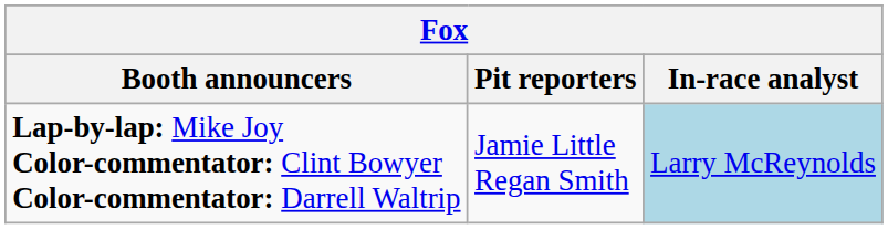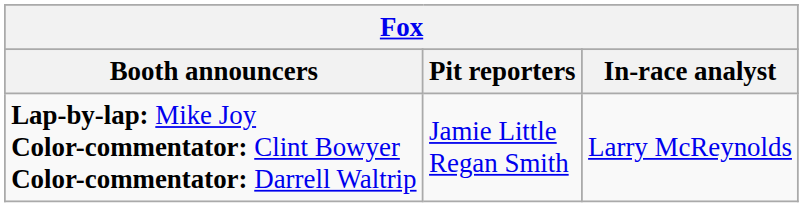 <table class="wikitable" style="font-size: 95%">
 <tr>
 <th colspan="3"><a href='#'>Fox</a></th>
 </tr>
 <tr>
 <th>Booth announcers</th>
 <th>Pit reporters</th>
 <th>In-race analyst</th>
 </tr>
 <tr>
 <td><strong>Lap-by-lap:</strong> <a href='#'>Mike Joy</a><br><strong>Color-commentator:</strong> <a href='#'>Clint Bowyer</a><br><strong>Color-commentator:</strong> <a href='#'>Darrell Waltrip</a></td>
 <td><a href='#'>Jamie Little</a><br><a href='#'>Regan Smith</a></td>
-<td style="background: lightblue;"><a href='#'>Larry McReynolds</a></td>
+<td><a href='#'>Larry McReynolds</a></td>
 </tr>
 </table>
